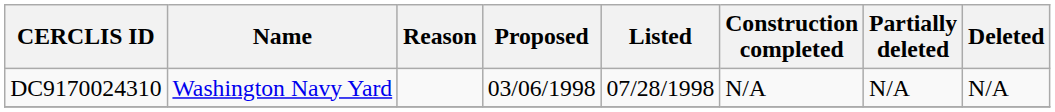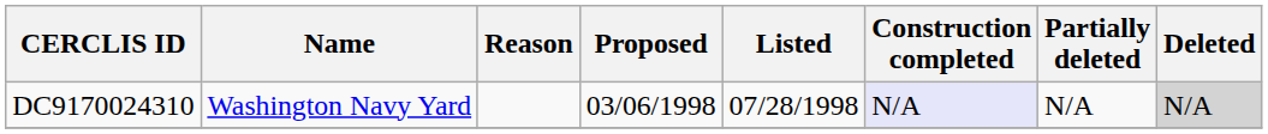 <table class="wikitable sortable">
 <tr>
 <th>CERCLIS ID</th>
 <th>Name</th>
 <th>Reason</th>
 <th>Proposed</th>
 <th>Listed</th>
 <th>Construction<br>completed</th>
 <th>Partially<br>deleted</th>
 <th>Deleted</th>
 </tr>
 <tr>
 <td>DC9170024310</td>
 <td><a href='#'>Washington Navy Yard</a></td>
 <td></td>
 <td>03/06/1998</td>
 <td>07/28/1998</td>
+<td style="background: lavender;">N/A</td>
 <td>N/A</td>
-<td>N/A</td>
-<td>N/A</td>
+<td style="background: lightgrey;">N/A</td>
 </tr>
 <tr>
 </tr>
 </table>
